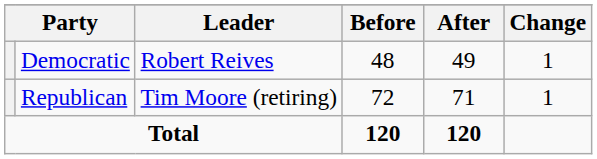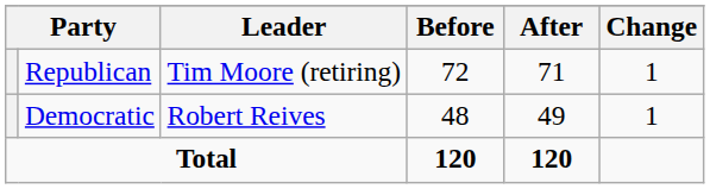 <table class="wikitable" style="text-align:center;">
 <tr>
 </tr>
 <tr>
 <th colspan="2">Party</th>
 <th>Leader</th>
 <th style="width:3em">Before</th>
 <th style="width:3em">After</th>
 <th style="width:3em">Change</th>
 </tr>
 <tr>
 <th style="background-color:"></th>
+<td style="text-align:left;"><a href='#'>Republican</a></td>
+<td style="text-align:left;"><a href='#'>Tim Moore</a> (retiring)</td>
+<td>72</td>
+<td>71</td>
+<td> 1</td>
+</tr>
+<tr>
+<th style="background-color:"></th>
 <td style="text-align:left;"><a href='#'>Democratic</a></td>
 <td style="text-align:left;"><a href='#'>Robert Reives</a></td>
 <td>48</td>
 <td>49</td>
-<td> 1</td>
-</tr>
-<tr>
-<th style="background-color:"></th>
-<td style="text-align:left;"><a href='#'>Republican</a></td>
-<td style="text-align:left;"><a href='#'>Tim Moore</a> (retiring)</td>
-<td>72</td>
-<td>71</td>
 <td> 1</td>
 </tr>
 <tr>
 <td colspan="3"><strong>Total</strong></td>
 <td><strong>120</strong></td>
 <td><strong>120</strong></td>
 <td></td>
 </tr>
 </table>
